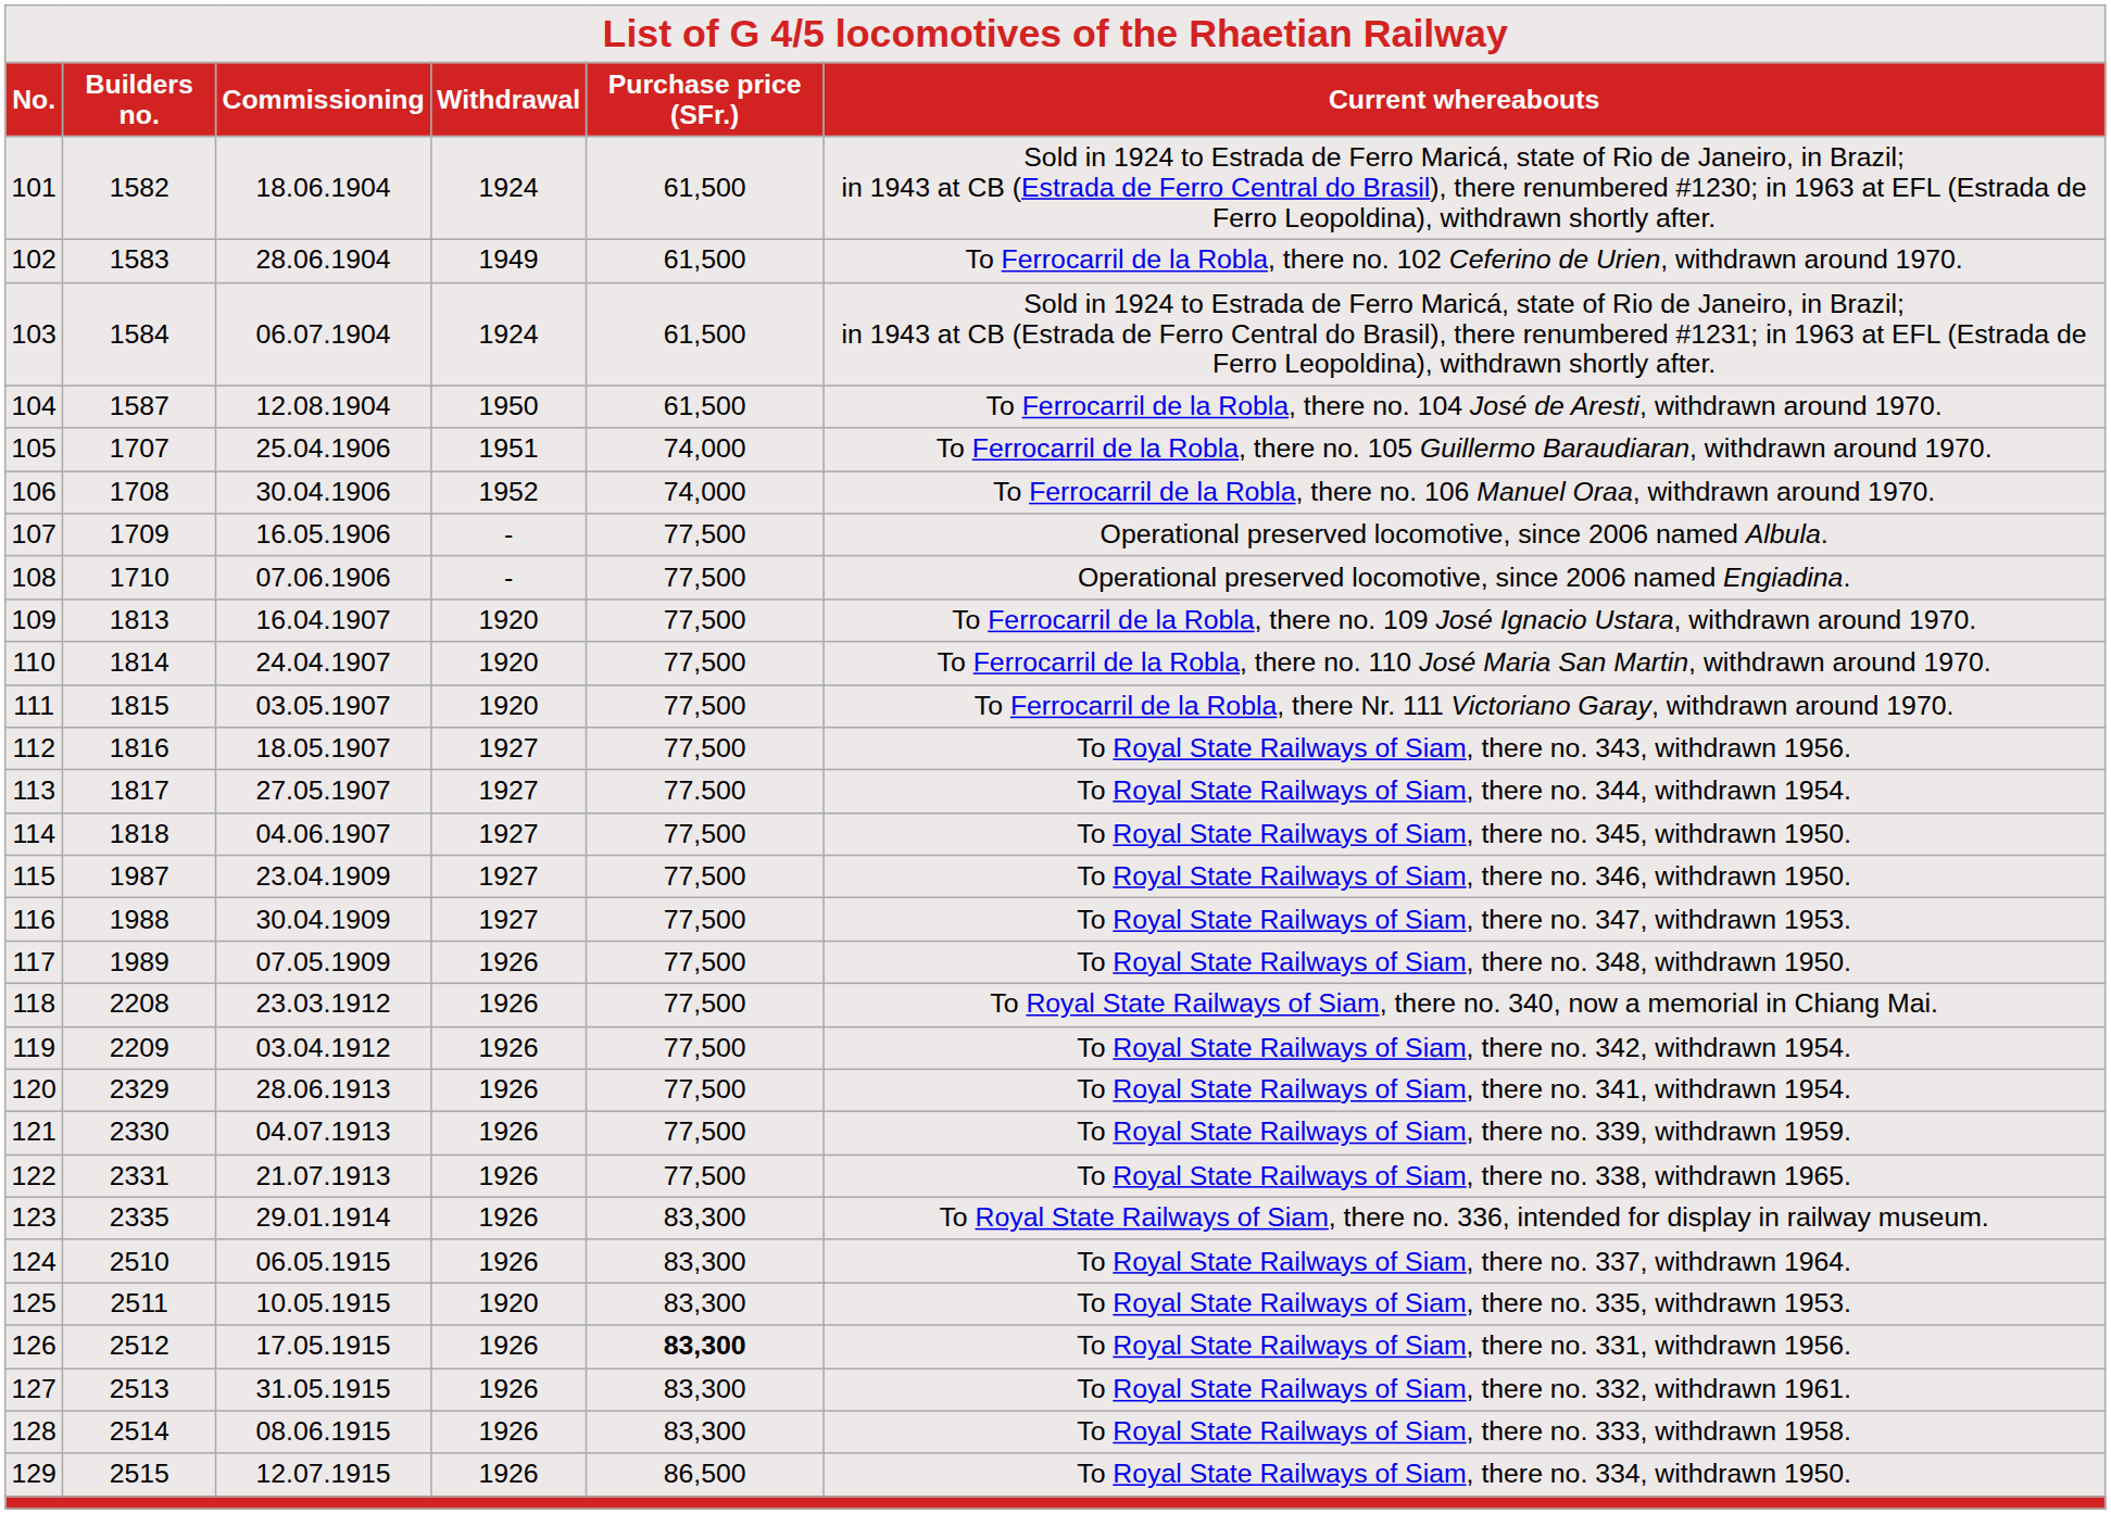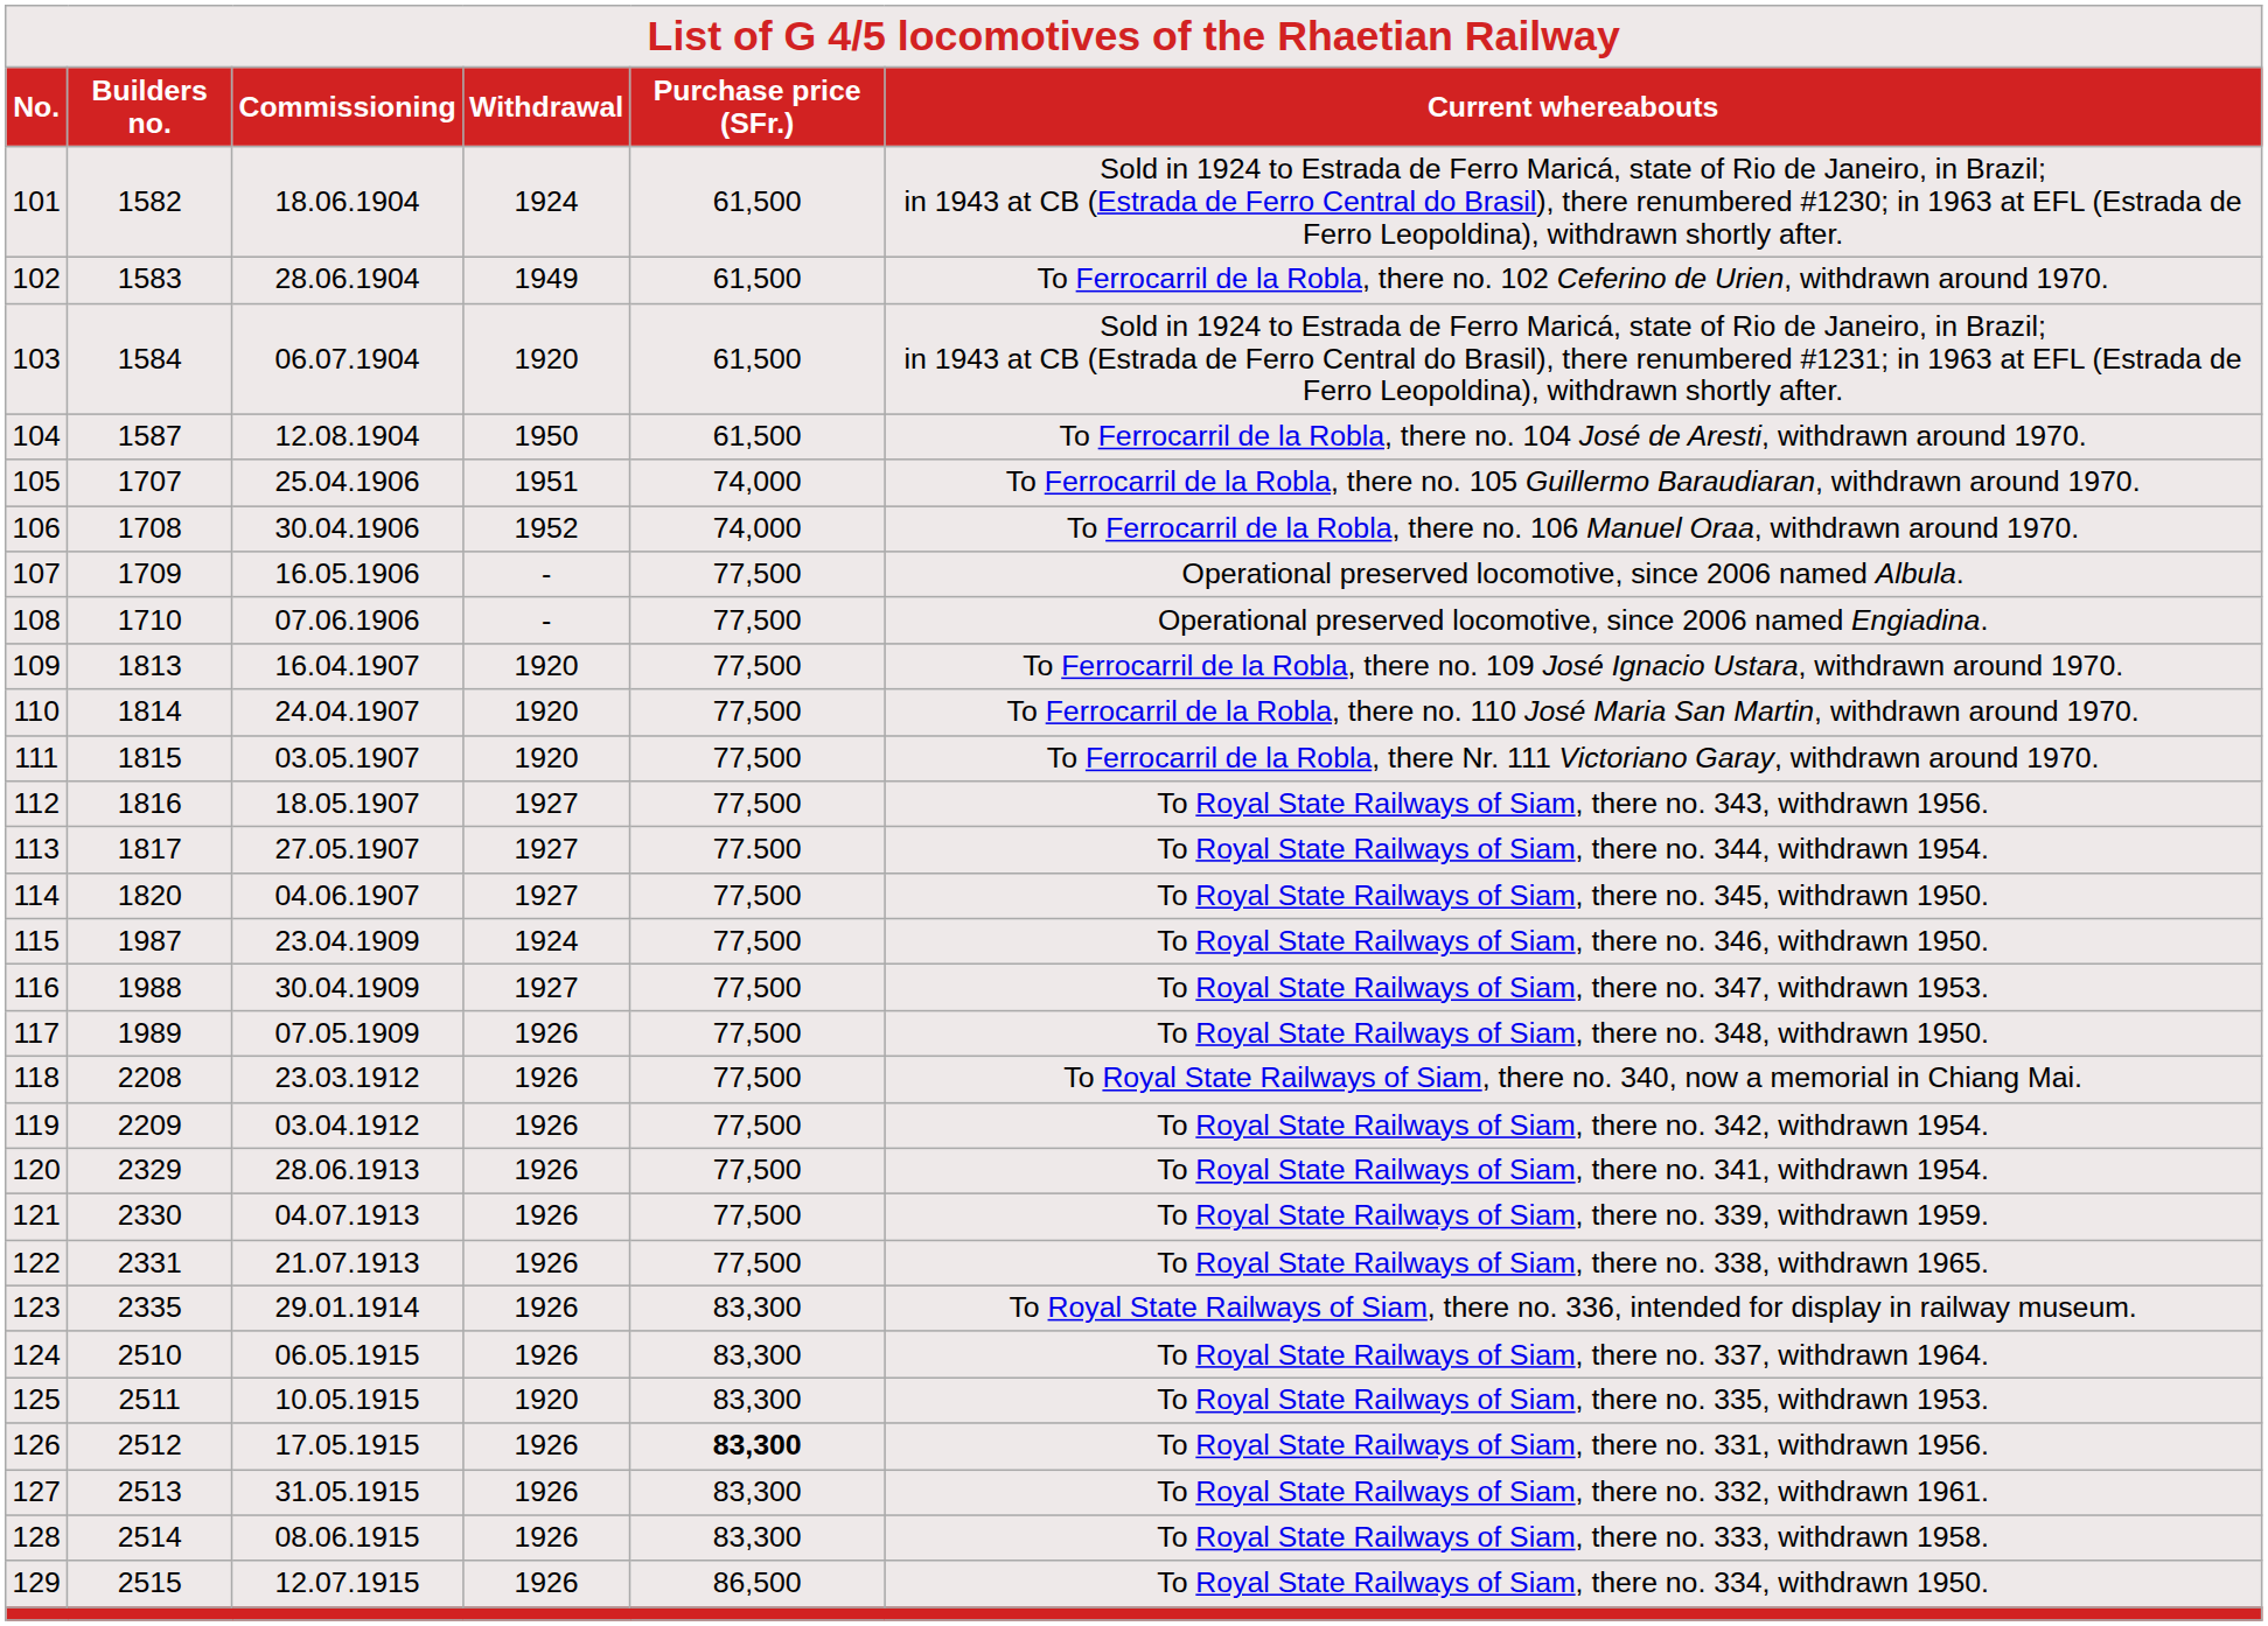 <table class="wikitable">
 <tr bgcolor="#EEE9E9" align="center" span style="color:#D22222">
 <td colspan="7"><big><big><strong>List of G 4/5 locomotives of the Rhaetian Railway</strong></big></big></td>
 </tr>
 <tr bgcolor="#D22222" align="center" span style="color:#ffffff">
 <td><strong>No.</strong></td>
 <td><strong>Builders no.</strong></td>
 <td><strong>Commissioning</strong></td>
 <td><strong>Withdrawal</strong></td>
 <td><strong>Purchase price (SFr.)</strong></td>
 <td><strong>Current whereabouts</strong></td>
 </tr>
 <tr bgcolor="#EEE9E9" align="center">
 <td>101</td>
 <td>1582</td>
 <td>18.06.1904</td>
 <td>1924</td>
 <td>61,500</td>
 <td>Sold in 1924 to Estrada de Ferro Maricá, state of Rio de Janeiro, in Brazil;<br>in 1943 at CB (<a href='#'>Estrada de Ferro Central do Brasil</a>), there renumbered #1230;  in 1963 at EFL (Estrada de Ferro Leopoldina), withdrawn shortly after.</td>
 </tr>
 <tr bgcolor="#EEE9E9" align="center">
 <td>102</td>
 <td>1583</td>
 <td>28.06.1904</td>
 <td>1949</td>
 <td>61,500</td>
 <td>To <a href='#'>Ferrocarril de la Robla</a>, there no. 102 <em>Ceferino de Urien</em>, withdrawn around 1970.</td>
 </tr>
 <tr bgcolor="#EEE9E9" align="center">
 <td>103</td>
 <td>1584</td>
 <td>06.07.1904</td>
-<td>1924</td>
+<td>1920</td>
 <td>61,500</td>
 <td>Sold in 1924 to Estrada de Ferro Maricá, state of Rio de Janeiro, in Brazil;<br>in 1943 at CB (Estrada de Ferro Central do Brasil), there renumbered #1231;  in 1963 at EFL (Estrada de Ferro Leopoldina), withdrawn shortly after.</td>
 </tr>
 <tr bgcolor="#EEE9E9" align="center">
 <td>104</td>
 <td>1587</td>
 <td>12.08.1904</td>
 <td>1950</td>
 <td>61,500</td>
 <td>To <a href='#'>Ferrocarril de la Robla</a>, there no. 104 <em>José de Aresti</em>, withdrawn around 1970.</td>
 </tr>
 <tr bgcolor="#EEE9E9" align="center">
 <td>105</td>
 <td>1707</td>
 <td>25.04.1906</td>
 <td>1951</td>
 <td>74,000</td>
 <td>To <a href='#'>Ferrocarril de la Robla</a>, there no. 105 <em>Guillermo Baraudiaran</em>, withdrawn around 1970.</td>
 </tr>
 <tr bgcolor="#EEE9E9" align="center">
 <td>106</td>
 <td>1708</td>
 <td>30.04.1906</td>
 <td>1952</td>
 <td>74,000</td>
 <td>To <a href='#'>Ferrocarril de la Robla</a>, there no. 106 <em>Manuel Oraa</em>, withdrawn around 1970.</td>
 </tr>
 <tr bgcolor="#EEE9E9" align="center">
 <td>107</td>
 <td>1709</td>
 <td>16.05.1906</td>
 <td>-</td>
 <td>77,500</td>
 <td>Operational preserved locomotive, since 2006 named <em>Albula</em>.</td>
 </tr>
 <tr bgcolor="#EEE9E9" align="center">
 <td>108</td>
 <td>1710</td>
 <td>07.06.1906</td>
 <td>-</td>
 <td>77,500</td>
 <td>Operational preserved locomotive, since 2006 named <em>Engiadina</em>.</td>
 </tr>
 <tr bgcolor="#EEE9E9" align="center">
 <td>109</td>
 <td>1813</td>
 <td>16.04.1907</td>
 <td>1920</td>
 <td>77,500</td>
 <td>To <a href='#'>Ferrocarril de la Robla</a>, there no. 109 <em>José Ignacio Ustara</em>, withdrawn around 1970.</td>
 </tr>
 <tr bgcolor="#EEE9E9" align="center">
 <td>110</td>
 <td>1814</td>
 <td>24.04.1907</td>
 <td>1920</td>
 <td>77,500</td>
 <td>To <a href='#'>Ferrocarril de la Robla</a>, there no. 110 <em>José Maria San Martin</em>, withdrawn around 1970.</td>
 </tr>
 <tr bgcolor="#EEE9E9" align="center">
 <td>111</td>
 <td>1815</td>
 <td>03.05.1907</td>
 <td>1920</td>
 <td>77,500</td>
 <td>To <a href='#'>Ferrocarril de la Robla</a>, there Nr. 111 <em>Victoriano Garay</em>, withdrawn around 1970.</td>
 </tr>
 <tr bgcolor="#EEE9E9" align="center">
 <td>112</td>
 <td>1816</td>
 <td>18.05.1907</td>
 <td>1927</td>
 <td>77,500</td>
 <td>To <a href='#'>Royal State Railways of Siam</a>, there no. 343, withdrawn 1956.</td>
 </tr>
 <tr bgcolor="#EEE9E9" align="center">
 <td>113</td>
 <td>1817</td>
 <td>27.05.1907</td>
 <td>1927</td>
 <td>77.500</td>
 <td>To <a href='#'>Royal State Railways of Siam</a>, there no. 344, withdrawn 1954.</td>
 </tr>
 <tr bgcolor="#EEE9E9" align="center">
 <td>114</td>
-<td>1818</td>
+<td>1820</td>
 <td>04.06.1907</td>
 <td>1927</td>
 <td>77,500</td>
 <td>To <a href='#'>Royal State Railways of Siam</a>, there no. 345, withdrawn 1950.</td>
 </tr>
 <tr bgcolor="#EEE9E9" align="center">
 <td>115</td>
 <td>1987</td>
 <td>23.04.1909</td>
-<td>1927</td>
+<td>1924</td>
 <td>77,500</td>
 <td>To <a href='#'>Royal State Railways of Siam</a>, there no. 346, withdrawn 1950.</td>
 </tr>
 <tr bgcolor="#EEE9E9" align="center">
 <td>116</td>
 <td>1988</td>
 <td>30.04.1909</td>
 <td>1927</td>
 <td>77,500</td>
 <td>To <a href='#'>Royal State Railways of Siam</a>, there no. 347, withdrawn 1953.</td>
 </tr>
 <tr bgcolor="#EEE9E9" align="center">
 <td>117</td>
 <td>1989</td>
 <td>07.05.1909</td>
 <td>1926</td>
 <td>77,500</td>
 <td>To <a href='#'>Royal State Railways of Siam</a>, there no. 348, withdrawn 1950.</td>
 </tr>
 <tr bgcolor="#EEE9E9" align="center">
 <td>118</td>
 <td>2208</td>
 <td>23.03.1912</td>
 <td>1926</td>
 <td>77,500</td>
 <td>To <a href='#'>Royal State Railways of Siam</a>, there no. 340, now a memorial in Chiang Mai.</td>
 </tr>
 <tr bgcolor="#EEE9E9" align="center">
 <td>119</td>
 <td>2209</td>
 <td>03.04.1912</td>
 <td>1926</td>
 <td>77,500</td>
 <td>To <a href='#'>Royal State Railways of Siam</a>, there no. 342, withdrawn 1954.</td>
 </tr>
 <tr bgcolor="#EEE9E9" align="center">
 <td>120</td>
 <td>2329</td>
 <td>28.06.1913</td>
 <td>1926</td>
 <td>77,500</td>
 <td>To <a href='#'>Royal State Railways of Siam</a>, there no. 341, withdrawn 1954.</td>
 </tr>
 <tr bgcolor="#EEE9E9" align="center">
 <td>121</td>
 <td>2330</td>
 <td>04.07.1913</td>
 <td>1926</td>
 <td>77,500</td>
 <td>To <a href='#'>Royal State Railways of Siam</a>, there no. 339, withdrawn 1959.</td>
 </tr>
 <tr bgcolor="#EEE9E9" align="center">
 <td>122</td>
 <td>2331</td>
 <td>21.07.1913</td>
 <td>1926</td>
 <td>77,500</td>
 <td>To <a href='#'>Royal State Railways of Siam</a>, there no. 338, withdrawn 1965.</td>
 </tr>
 <tr bgcolor="#EEE9E9" align="center">
 <td>123</td>
 <td>2335</td>
 <td>29.01.1914</td>
 <td>1926</td>
 <td>83,300</td>
 <td>To <a href='#'>Royal State Railways of Siam</a>, there no. 336, intended for display in railway museum.</td>
 </tr>
 <tr bgcolor="#EEE9E9" align="center">
 <td>124</td>
 <td>2510</td>
 <td>06.05.1915</td>
 <td>1926</td>
 <td>83,300</td>
 <td>To <a href='#'>Royal State Railways of Siam</a>, there no. 337, withdrawn 1964.</td>
 </tr>
 <tr bgcolor="#EEE9E9" align="center">
 <td>125</td>
 <td>2511</td>
 <td>10.05.1915</td>
 <td>1920</td>
 <td>83,300</td>
 <td>To <a href='#'>Royal State Railways of Siam</a>, there no. 335, withdrawn 1953.</td>
 </tr>
 <tr bgcolor="#EEE9E9" align="center">
 <td>126</td>
 <td>2512</td>
 <td>17.05.1915</td>
 <td>1926</td>
 <td><strong>83,300</strong></td>
 <td>To <a href='#'>Royal State Railways of Siam</a>, there no. 331, withdrawn 1956.</td>
 </tr>
 <tr bgcolor="#EEE9E9" align="center">
 <td>127</td>
 <td>2513</td>
 <td>31.05.1915</td>
 <td>1926</td>
 <td>83,300</td>
 <td>To <a href='#'>Royal State Railways of Siam</a>, there no. 332, withdrawn 1961.</td>
 </tr>
 <tr bgcolor="#EEE9E9" align="center">
 <td>128</td>
 <td>2514</td>
 <td>08.06.1915</td>
 <td>1926</td>
 <td>83,300</td>
 <td>To <a href='#'>Royal State Railways of Siam</a>, there no. 333, withdrawn 1958.</td>
 </tr>
 <tr bgcolor="#EEE9E9" align="center">
 <td>129</td>
 <td>2515</td>
 <td>12.07.1915</td>
 <td>1926</td>
 <td>86,500</td>
 <td>To <a href='#'>Royal State Railways of Siam</a>, there no. 334, withdrawn 1950.</td>
 </tr>
 <tr bgcolor="#D22222" align="center" span style="color:#ffffff">
 <td colspan = "7"></td>
 </tr>
 </table>
